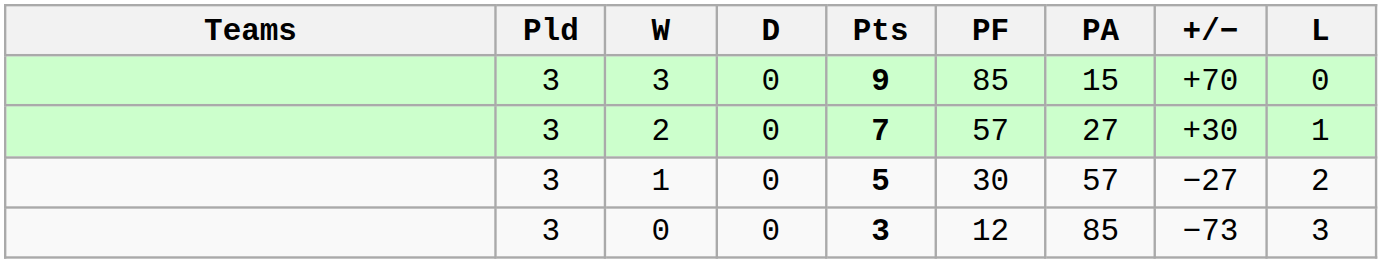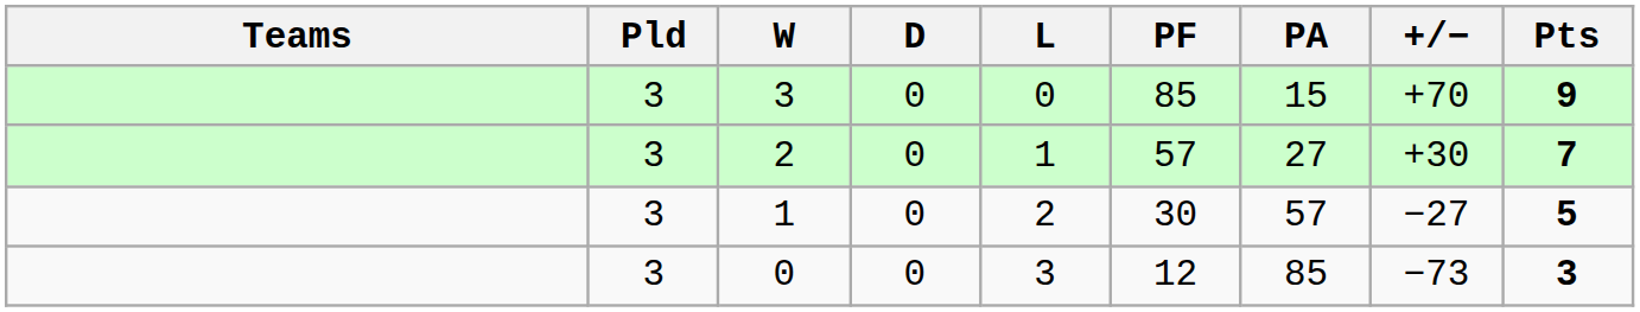 <table class="wikitable" style="text-align: center;">
 <tr>
 <th width="200">Teams</th>
 <th width="40">Pld</th>
 <th width="40">W</th>
 <th width="40">D</th>
-<th width="40">Pts</th>
+<th width="40">L</th>
 <th width="40">PF</th>
 <th width="40">PA</th>
 <th width="40">+/−</th>
-<th width="40">L</th>
+<th width="40">Pts</th>
 </tr>
 <tr bgcolor=ccffcc>
 <td align=left></td>
 <td>3</td>
 <td>3</td>
 <td>0</td>
-<td><strong>9</strong></td>
+<td>0</td>
 <td>85</td>
 <td>15</td>
 <td>+70</td>
-<td>0</td>
+<td><strong>9</strong></td>
 </tr>
 <tr bgcolor=ccffcc>
 <td align=left></td>
 <td>3</td>
 <td>2</td>
 <td>0</td>
-<td><strong>7</strong></td>
+<td>1</td>
 <td>57</td>
 <td>27</td>
 <td>+30</td>
-<td>1</td>
+<td><strong>7</strong></td>
 </tr>
 <tr>
 <td align=left></td>
 <td>3</td>
 <td>1</td>
 <td>0</td>
-<td><strong>5</strong></td>
+<td>2</td>
 <td>30</td>
 <td>57</td>
 <td>−27</td>
-<td>2</td>
+<td><strong>5</strong></td>
 </tr>
 <tr>
 <td align=left></td>
 <td>3</td>
 <td>0</td>
 <td>0</td>
-<td><strong>3</strong></td>
+<td>3</td>
 <td>12</td>
 <td>85</td>
 <td>−73</td>
-<td>3</td>
+<td><strong>3</strong></td>
 </tr>
 </table>
